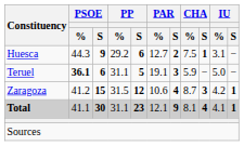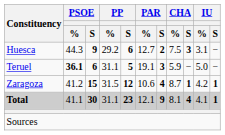 <table class="wikitable sortable" style="text-align:right; line-height:20px;">
 <tr>
 <th rowspan="3">Constituency</th>
 <th colspan="2" width="30px" class="unsortable"><a href='#'>PSOE</a></th>
 <th colspan="2" width="30px" class="unsortable"><a href='#'>PP</a></th>
 <th colspan="2" width="30px" class="unsortable"><a href='#'>PAR</a></th>
 <th colspan="2" width="30px" class="unsortable"><a href='#'>CHA</a></th>
 <th colspan="2" width="30px" class="unsortable"><a href='#'>IU</a></th>
 </tr>
 <tr>
 <th colspan="2" style="background:"></th>
 <th colspan="2" style="background:"></th>
 <th colspan="2" style="background:"></th>
 <th colspan="2" style="background:"></th>
 <th colspan="2" style="background:"></th>
 </tr>
 <tr>
 <th data-sort-type="number">%</th>
 <th data-sort-type="number">S</th>
 <th data-sort-type="number">%</th>
 <th data-sort-type="number">S</th>
 <th data-sort-type="number">%</th>
 <th data-sort-type="number">S</th>
 <th data-sort-type="number">%</th>
 <th data-sort-type="number">S</th>
 <th data-sort-type="number">%</th>
 <th data-sort-type="number">S</th>
 </tr>
 <tr>
 <td align="left"><a href='#'>Huesca</a></td>
 <td style="background:">44.3</td>
 <td><strong>9</strong></td>
 <td>29.2</td>
 <td><strong>6</strong></td>
 <td>12.7</td>
 <td><strong>2</strong></td>
 <td>7.5</td>
-<td><strong>1</strong></td>
+<td><strong>3</strong></td>
 <td>3.1</td>
 <td>−</td>
 </tr>
 <tr>
 <td align="left"><a href='#'>Teruel</a></td>
 <td style="background:"><strong>36.1</strong></td>
 <td><strong>6</strong></td>
 <td>31.1</td>
 <td><strong>5</strong></td>
 <td>19.1</td>
 <td><strong>3</strong></td>
 <td>5.9</td>
 <td>−</td>
 <td>5.0</td>
 <td>−</td>
 </tr>
 <tr>
 <td align="left"><a href='#'>Zaragoza</a></td>
 <td style="background:">41.2</td>
 <td><strong>15</strong></td>
 <td>31.5</td>
 <td><strong>12</strong></td>
 <td>10.6</td>
 <td><strong>4</strong></td>
 <td>8.7</td>
-<td><strong>3</strong></td>
+<td><strong>1</strong></td>
 <td>4.2</td>
 <td><strong>1</strong></td>
 </tr>
 <tr style="background:#CDCDCD;">
 <td align="left"><strong>Total</strong></td>
 <td style="background:">41.1</td>
 <td><strong>30</strong></td>
 <td>31.1</td>
 <td><strong>23</strong></td>
 <td>12.1</td>
 <td><strong>9</strong></td>
 <td>8.1</td>
 <td><strong>4</strong></td>
 <td>4.1</td>
 <td><strong>1</strong></td>
 </tr>
 <tr>
 <th colspan="11"></th>
 </tr>
 <tr>
 <th style="text-align:left; font-weight:normal; background:#F9F9F9" colspan="11">Sources</th>
 </tr>
 </table>
